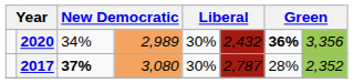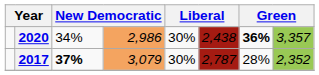 <table class="wikitable" style="float:right; width:400; font-size:90%; margin-left:1em;">
 <tr>
 <th colspan="2" scope="col">Year</th>
 <th colspan="2" scope="col"><a href='#'>New Democratic</a></th>
 <th colspan="2" scope="col"><a href='#'>Liberal</a></th>
 <th colspan="2" scope="col"><a href='#'>Green</a></th>
 </tr>
 <tr>
 <td style="width: 0.25em; background-color: "></td>
 <th><a href='#'>2020</a></th>
 <td>34%</td>
-<td style="text-align:right; background:#F4A460;"><em>2,989</em></td>
+<td style="text-align:right; background:#F4A460;"><em>2,986</em></td>
 <td><span> 30%</span></td>
-<td style="text-align:right; background:#A51B12;"><span> <em>2,432</em></span></td>
+<td style="text-align:right; background:#A51B12;"><span> <em>2,438</em></span></td>
 <td><strong>36%</strong></td>
-<td style="text-align:right; background:#99C955;"><em>3,356</em></td>
+<td style="text-align:right; background:#99C955;"><em>3,357</em></td>
 </tr>
 <tr>
 <td style="width: 0.25em; background-color: "></td>
 <th><a href='#'>2017</a></th>
 <td><strong>37%</strong></td>
-<td style="text-align:right; background:#F4A460;"><em>3,080</em></td>
+<td style="text-align:right; background:#F4A460;"><em>3,079</em></td>
 <td><span> 30%</span></td>
 <td style="text-align:right; background:#A51B12;"><span> <em>2,787</em></span></td>
 <td>28%</td>
 <td style="text-align:right; background:#99C955;"><em>2,352</em></td>
 </tr>
 <tr>
 </tr>
 </table>
